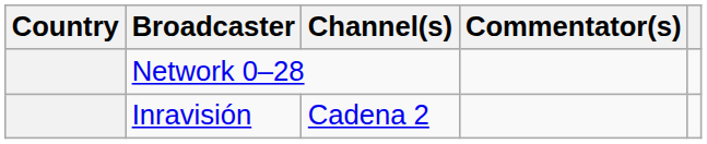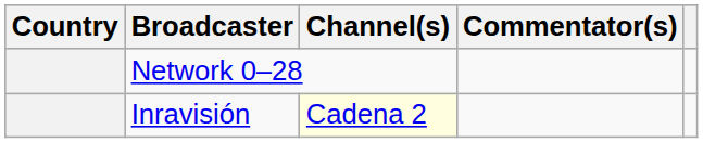 <table class="wikitable plainrowheaders">
 <tr>
 <th scope="col">Country</th>
 <th scope="col">Broadcaster</th>
 <th scope="col">Channel(s)</th>
 <th scope="col">Commentator(s)</th>
 <th scope="col"></th>
 </tr>
 <tr>
 <th scope="rowgroup"></th>
 <td colspan="2"><a href='#'>Network 0–28</a></td>
 <td></td>
 <td></td>
 </tr>
 <tr>
 <th scope="rowgroup"></th>
 <td><a href='#'>Inravisión</a></td>
-<td><a href='#'>Cadena 2</a></td>
+<td style="background: lightyellow;"><a href='#'>Cadena 2</a></td>
 <td></td>
 <td></td>
 </tr>
 </table>
